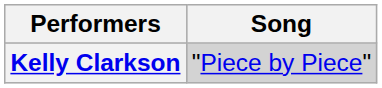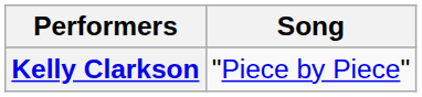 <table class="wikitable unsortable" style="text-align:center;">
 <tr>
 <th scope="col">Performers</th>
 <th scope="col">Song</th>
 </tr>
 <tr>
 <th scope="row"><a href='#'>Kelly Clarkson</a></th>
-<td style="background: lightgrey;">"<a href='#'>Piece by Piece</a>"</td>
+<td>"<a href='#'>Piece by Piece</a>"</td>
 </tr>
 </table>
